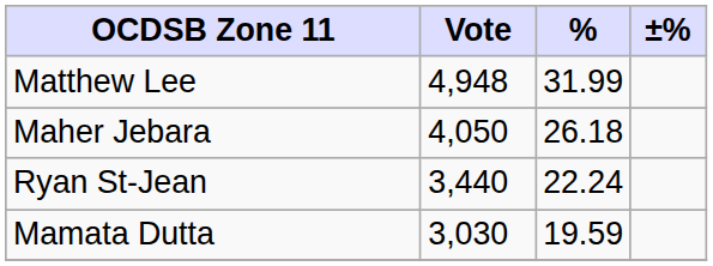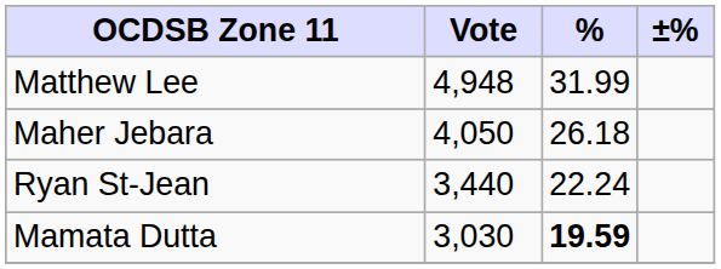 <table class="wikitable">
 <tr>
 <th style="background:#DDDDFF" width="200px">OCDSB Zone 11</th>
 <th style="background:#DDDDFF" width="50px">Vote</th>
 <th style="background:#DDDDFF" width="30px">%</th>
 <th style="background:#DDDDFF" width="30px">±%</th>
 </tr>
 <tr>
 <td>Matthew Lee</td>
 <td>4,948</td>
 <td>31.99</td>
 <td></td>
 </tr>
 <tr>
 <td>Maher Jebara</td>
 <td>4,050</td>
 <td>26.18</td>
 <td></td>
 </tr>
 <tr>
 <td>Ryan St-Jean</td>
 <td>3,440</td>
 <td>22.24</td>
 <td></td>
 </tr>
 <tr>
 <td>Mamata Dutta</td>
 <td>3,030</td>
-<td>19.59</td>
+<td><strong>19.59</strong></td>
 <td></td>
 </tr>
 <tr>
 </tr>
 </table>
